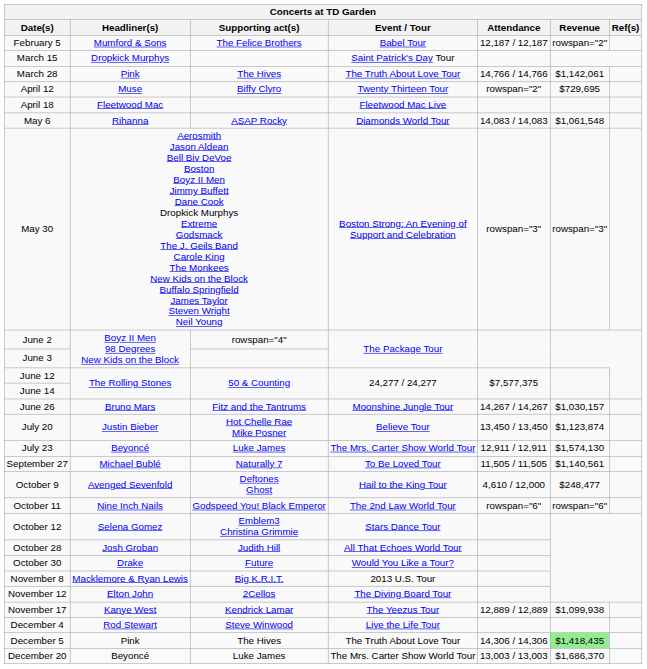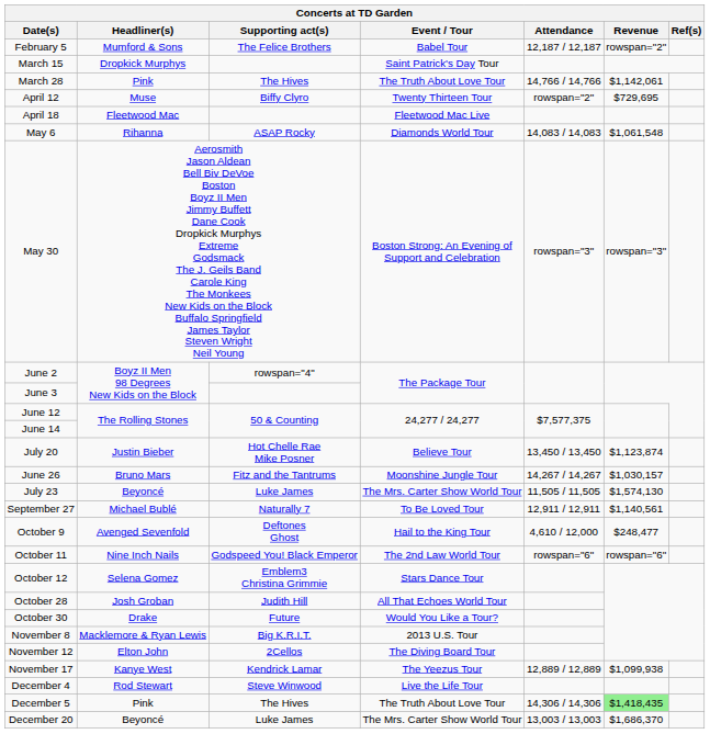 <table class="wikitable mw-collapsible mw-collapsed" style="text-align:center;">
 <tr>
 <th colspan="7">Concerts at TD Garden</th>
 </tr>
 <tr>
 <th>Date(s)</th>
 <th>Headliner(s)</th>
 <th>Supporting act(s)</th>
 <th>Event / Tour</th>
 <th>Attendance</th>
 <th>Revenue</th>
 <th>Ref(s)</th>
 </tr>
 <tr>
 <td>February 5</td>
 <td><a href='#'>Mumford & Sons</a></td>
 <td><a href='#'>The Felice Brothers</a></td>
 <td><a href='#'>Babel Tour</a></td>
 <td>12,187 / 12,187</td>
 <td>rowspan="2" </td>
 <td></td>
 </tr>
 <tr>
 <td>March 15</td>
 <td><a href='#'>Dropkick Murphys</a></td>
 <td></td>
 <td><a href='#'>Saint Patrick's Day</a> Tour</td>
 <td></td>
 </tr>
 <tr>
 <td>March 28</td>
 <td><a href='#'>Pink</a></td>
 <td><a href='#'>The Hives</a></td>
 <td><a href='#'>The Truth About Love Tour</a></td>
 <td>14,766 / 14,766</td>
 <td>$1,142,061</td>
 <td></td>
 </tr>
 <tr>
 <td>April 12</td>
 <td><a href='#'>Muse</a></td>
 <td><a href='#'>Biffy Clyro</a></td>
 <td><a href='#'>Twenty Thirteen Tour</a></td>
 <td>rowspan="2" </td>
 <td>$729,695</td>
 <td></td>
 </tr>
 <tr>
 <td>April 18</td>
 <td><a href='#'>Fleetwood Mac</a></td>
 <td></td>
 <td><a href='#'>Fleetwood Mac Live</a></td>
 <td></td>
 <td></td>
 <td></td>
 </tr>
 <tr>
 <td>May 6</td>
 <td><a href='#'>Rihanna</a></td>
 <td><a href='#'>ASAP Rocky</a></td>
 <td><a href='#'>Diamonds World Tour</a></td>
 <td>14,083 / 14,083</td>
 <td>$1,061,548</td>
 <td></td>
 </tr>
 <tr>
 <td>May 30</td>
 <td colspan="2"><a href='#'>Aerosmith</a><br><a href='#'>Jason Aldean</a><br><a href='#'>Bell Biv DeVoe</a><br><a href='#'>Boston</a><br><a href='#'>Boyz II Men</a><br><a href='#'>Jimmy Buffett</a><br><a href='#'>Dane Cook</a><br>Dropkick Murphys<br><a href='#'>Extreme</a><br><a href='#'>Godsmack</a><br><a href='#'>The J. Geils Band</a><br><a href='#'>Carole King</a><br><a href='#'>The Monkees</a><br><a href='#'>New Kids on the Block</a><br><a href='#'>Buffalo Springfield</a><br><a href='#'>James Taylor</a><br><a href='#'>Steven Wright</a><br><a href='#'>Neil Young</a></td>
 <td><a href='#'>Boston Strong: An Evening of<br>Support and Celebration</a></td>
 <td>rowspan="3" </td>
 <td>rowspan="3" </td>
 <td></td>
 </tr>
 <tr>
 <td>June 2</td>
 <td rowspan="2"><a href='#'>Boyz II Men</a><br><a href='#'>98 Degrees</a><br><a href='#'>New Kids on the Block</a></td>
 <td>rowspan="4" </td>
 <td rowspan="2"><a href='#'>The Package Tour</a></td>
 <td rowspan="2"></td>
 </tr>
 <tr>
 <td>June 3</td>
 </tr>
 <tr>
 <td>June 12</td>
 <td rowspan="2"><a href='#'>The Rolling Stones</a></td>
 <td rowspan="2"><a href='#'>50 & Counting</a></td>
 <td rowspan="2">24,277 / 24,277</td>
 <td rowspan="2">$7,577,375</td>
 <td rowspan="2"></td>
 </tr>
 <tr>
 <td>June 14</td>
 </tr>
 <tr>
+<td>July 20</td>
+<td><a href='#'>Justin Bieber</a></td>
+<td><a href='#'>Hot Chelle Rae</a><br><a href='#'>Mike Posner</a></td>
+<td><a href='#'>Believe Tour</a></td>
+<td>13,450 / 13,450</td>
+<td>$1,123,874</td>
+<td></td>
+</tr>
+<tr>
 <td>June 26</td>
 <td><a href='#'>Bruno Mars</a></td>
 <td><a href='#'>Fitz and the Tantrums</a></td>
 <td><a href='#'>Moonshine Jungle Tour</a></td>
 <td>14,267 / 14,267</td>
 <td>$1,030,157</td>
 <td></td>
 </tr>
 <tr>
-<td>July 20</td>
-<td><a href='#'>Justin Bieber</a></td>
-<td><a href='#'>Hot Chelle Rae</a><br><a href='#'>Mike Posner</a></td>
-<td><a href='#'>Believe Tour</a></td>
-<td>13,450 / 13,450</td>
-<td>$1,123,874</td>
-<td></td>
-</tr>
-<tr>
 <td>July 23</td>
 <td><a href='#'>Beyoncé</a></td>
 <td><a href='#'>Luke James</a></td>
 <td><a href='#'>The Mrs. Carter Show World Tour</a></td>
-<td>12,911 / 12,911</td>
+<td>11,505 / 11,505</td>
 <td>$1,574,130</td>
 <td></td>
 </tr>
 <tr>
 <td>September 27</td>
 <td><a href='#'>Michael Bublé</a></td>
 <td><a href='#'>Naturally 7</a></td>
 <td><a href='#'>To Be Loved Tour</a></td>
-<td>11,505 / 11,505</td>
+<td>12,911 / 12,911</td>
 <td>$1,140,561</td>
 <td></td>
 </tr>
 <tr>
 <td>October 9</td>
 <td><a href='#'>Avenged Sevenfold</a></td>
 <td><a href='#'>Deftones</a><br><a href='#'>Ghost</a></td>
 <td><a href='#'>Hail to the King Tour</a></td>
 <td>4,610 / 12,000</td>
 <td>$248,477</td>
 <td></td>
 </tr>
 <tr>
 <td>October 11</td>
 <td><a href='#'>Nine Inch Nails</a></td>
 <td><a href='#'>Godspeed You! Black Emperor</a></td>
 <td><a href='#'>The 2nd Law World Tour</a></td>
 <td>rowspan="6" </td>
 <td>rowspan="6" </td>
 <td></td>
 </tr>
 <tr>
 <td>October 12</td>
 <td><a href='#'>Selena Gomez</a></td>
 <td><a href='#'>Emblem3</a><br><a href='#'>Christina Grimmie</a></td>
 <td><a href='#'>Stars Dance Tour</a></td>
 <td></td>
 </tr>
 <tr>
 <td>October 28</td>
 <td><a href='#'>Josh Groban</a></td>
 <td><a href='#'>Judith Hill</a></td>
 <td><a href='#'>All That Echoes World Tour</a></td>
 <td></td>
 </tr>
 <tr>
 <td>October 30</td>
 <td><a href='#'>Drake</a></td>
 <td><a href='#'>Future</a></td>
 <td><a href='#'>Would You Like a Tour?</a></td>
 <td></td>
 </tr>
 <tr>
 <td>November 8</td>
 <td><a href='#'>Macklemore & Ryan Lewis</a></td>
 <td><a href='#'>Big K.R.I.T.</a></td>
 <td>2013 U.S. Tour</td>
 <td></td>
 </tr>
 <tr>
 <td>November 12</td>
 <td><a href='#'>Elton John</a></td>
 <td><a href='#'>2Cellos</a></td>
 <td><a href='#'>The Diving Board Tour</a></td>
 <td></td>
 </tr>
 <tr>
 <td>November 17</td>
 <td><a href='#'>Kanye West</a></td>
 <td><a href='#'>Kendrick Lamar</a></td>
 <td><a href='#'>The Yeezus Tour</a></td>
 <td>12,889 / 12,889</td>
 <td>$1,099,938</td>
 <td></td>
 </tr>
 <tr>
 <td>December 4</td>
 <td><a href='#'>Rod Stewart</a></td>
 <td><a href='#'>Steve Winwood</a></td>
 <td><a href='#'>Live the Life Tour</a></td>
 <td></td>
 <td></td>
 <td></td>
 </tr>
 <tr>
 <td>December 5</td>
 <td>Pink</td>
 <td>The Hives</td>
 <td>The Truth About Love Tour</td>
 <td>14,306 / 14,306</td>
 <td style="background: lightgreen;">$1,418,435</td>
 <td></td>
 </tr>
 <tr>
 <td>December 20</td>
 <td>Beyoncé</td>
 <td>Luke James</td>
 <td>The Mrs. Carter Show World Tour</td>
 <td>13,003 / 13,003</td>
 <td>$1,686,370</td>
 <td></td>
 </tr>
 </table>
